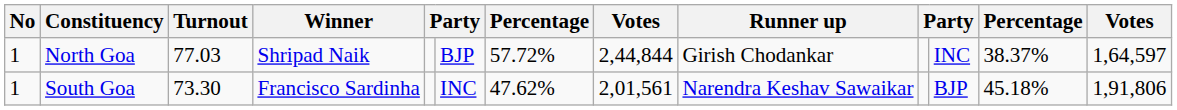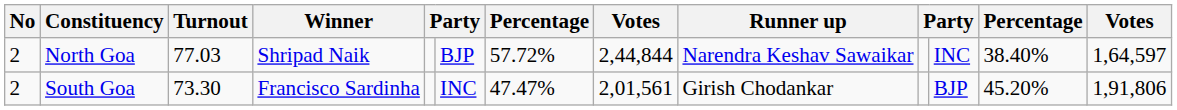 <table class="wikitable sortable">
 <tr>
 <th>No</th>
 <th>Constituency</th>
 <th>Turnout<strong></strong></th>
 <th>Winner</th>
 <th colspan = "2">Party</th>
 <th>Percentage</th>
 <th>Votes</th>
 <th>Runner up</th>
 <th colspan = "2">Party</th>
 <th>Percentage</th>
 <th>Votes</th>
 </tr>
 <tr>
-<td>1</td>
+<td>2</td>
 <td><a href='#'>North Goa</a></td>
 <td>77.03 </td>
 <td><a href='#'>Shripad Naik</a></td>
 <td style="background-color: "></td>
 <td><a href='#'>BJP</a></td>
 <td style="background-color: ">57.72%</td>
 <td style="background-color: ">2,44,844</td>
-<td>Girish Chodankar</td>
+<td><a href='#'>Narendra Keshav Sawaikar</a></td>
 <td style="background-color: "></td>
 <td><a href='#'>INC</a></td>
-<td style="background-color: ">38.37%</td>
+<td style="background-color: ">38.40%</td>
 <td style="background-color: ">1,64,597</td>
 </tr>
 <tr>
-<td>1</td>
+<td>2</td>
 <td><a href='#'>South Goa</a></td>
 <td>73.30 </td>
 <td><a href='#'>Francisco Sardinha</a></td>
 <td style="background-color: "></td>
 <td><a href='#'>INC</a></td>
-<td style="background-color: ">47.62%</td>
+<td style="background-color: ">47.47%</td>
 <td style="background-color: ">2,01,561</td>
-<td><a href='#'>Narendra Keshav Sawaikar</a></td>
+<td>Girish Chodankar</td>
 <td style="background-color: "></td>
 <td><a href='#'>BJP</a></td>
-<td style="background-color: ">45.18%</td>
+<td style="background-color: ">45.20%</td>
 <td style="background-color: ">1,91,806</td>
 </tr>
 </table>
